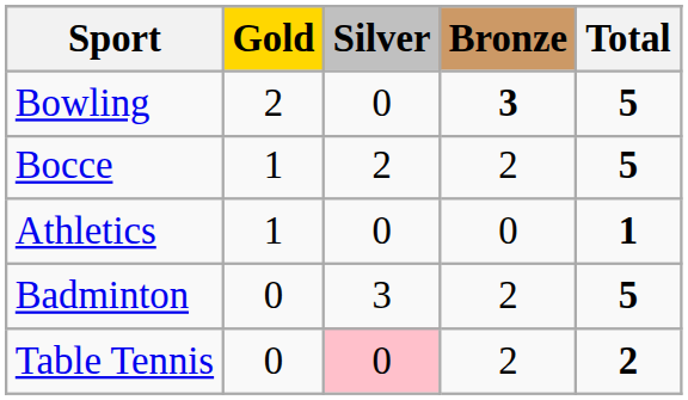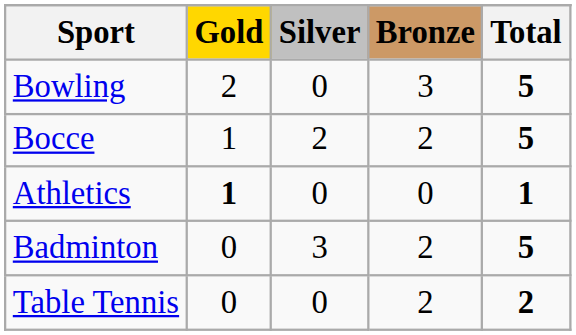 <table class="wikitable sortable" style="text-align:center;font-size:90%">
 <tr style="background:#efefef;">
 </tr>
 <tr>
 <th><strong>Sport</strong></th>
 <th style="background-color:gold;"><strong>Gold</strong></th>
 <th style="background-color:silver;"><strong>Silver</strong></th>
 <th style="background-color:#c96;"><strong>Bronze</strong></th>
 <th><strong>Total</strong></th>
 </tr>
 <tr>
 <td align=left> <a href='#'>Bowling</a></td>
 <td>2</td>
 <td>0</td>
-<td><strong>3</strong></td>
+<td>3</td>
 <td><strong>5</strong></td>
 </tr>
 <tr>
 <td align=left> <a href='#'>Bocce</a></td>
 <td>1</td>
 <td>2</td>
 <td>2</td>
 <td><strong>5</strong></td>
 </tr>
 <tr>
 <td align=left> <a href='#'>Athletics</a></td>
-<td>1</td>
+<td><strong>1</strong></td>
 <td>0</td>
 <td>0</td>
 <td><strong>1</strong></td>
 </tr>
 <tr>
 <td align=left> <a href='#'>Badminton</a></td>
 <td>0</td>
 <td>3</td>
 <td>2</td>
 <td><strong>5</strong></td>
 </tr>
 <tr>
 <td align=left> <a href='#'>Table Tennis</a></td>
 <td>0</td>
-<td style="background: pink;">0</td>
+<td>0</td>
 <td>2</td>
 <td><strong>2</strong></td>
 </tr>
 </table>
